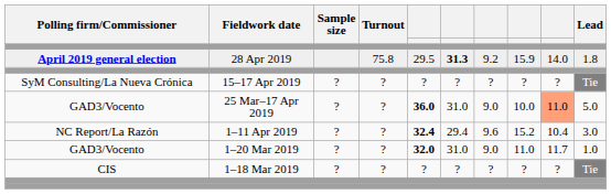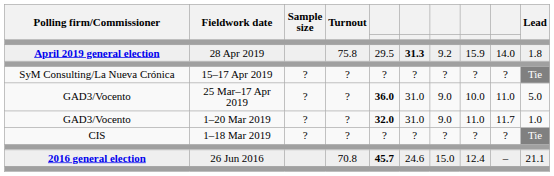 <table class="wikitable collapsible collapsed" style="text-align:center; font-size:95%; line-height:16px;">
 <tr style="height:42px;">
 <th style="width:250px;" rowspan="2">Polling firm/Commissioner</th>
 <th style="width:125px;" rowspan="2">Fieldwork date</th>
 <th style="width:50px;" rowspan="2">Sample size</th>
 <th style="width:45px;" rowspan="2">Turnout</th>
 <th style="width:35px;"></th>
 <th style="width:35px;"></th>
 <th style="width:35px;"></th>
 <th style="width:35px;"></th>
 <th style="width:35px;"></th>
 <th style="width:30px;" rowspan="2">Lead</th>
 </tr>
 <tr>
 <th style="color:inherit;background:"></th>
 <th style="color:inherit;background:"></th>
 <th style="color:inherit;background:"></th>
 <th style="color:inherit;background:"></th>
 <th style="color:inherit;background:"></th>
 </tr>
 <tr>
 <td colspan="10" style="background:#A0A0A0"></td>
 </tr>
 <tr style="background:#EFEFEF;">
 <td><strong><a href='#'>April 2019 general election</a></strong></td>
 <td>28 Apr 2019</td>
 <td></td>
 <td>75.8</td>
 <td>29.5<br></td>
 <td><strong>31.3</strong><br></td>
 <td>9.2<br></td>
 <td>15.9<br></td>
 <td>14.0<br></td>
 <td style="background:">1.8</td>
 </tr>
 <tr>
 <td colspan="10" style="background:#A0A0A0"></td>
 </tr>
 <tr>
 <td>SyM Consulting/La Nueva Crónica</td>
 <td>15–17 Apr 2019</td>
 <td>?</td>
 <td>?</td>
 <td>?<br></td>
 <td>?<br></td>
 <td>?<br></td>
 <td>?<br></td>
 <td>?<br></td>
 <td style="background:gray;color:white;">Tie</td>
 </tr>
 <tr>
 <td>GAD3/Vocento</td>
 <td>25 Mar–17 Apr 2019</td>
 <td>?</td>
 <td>?</td>
 <td><strong>36.0</strong><br></td>
 <td>31.0<br></td>
 <td>9.0<br></td>
 <td>10.0<br></td>
-<td style="background: lightsalmon;">11.0<br></td>
+<td>11.0<br></td>
 <td style="background:">5.0</td>
-</tr>
-<tr>
-<td>NC Report/La Razón</td>
-<td>1–11 Apr 2019</td>
-<td>?</td>
-<td>?</td>
-<td><strong>32.4</strong><br></td>
-<td>29.4<br></td>
-<td>9.6<br></td>
-<td>15.2<br></td>
-<td>10.4<br></td>
-<td style="background:">3.0</td>
 </tr>
 <tr>
 <td>GAD3/Vocento</td>
 <td>1–20 Mar 2019</td>
 <td>?</td>
 <td>?</td>
 <td><strong>32.0</strong><br></td>
 <td>31.0<br></td>
 <td>9.0<br></td>
 <td>11.0<br></td>
 <td>11.7<br></td>
 <td style="background:">1.0</td>
 </tr>
 <tr>
 <td>CIS</td>
 <td>1–18 Mar 2019</td>
 <td>?</td>
 <td>?</td>
 <td>?<br></td>
 <td>?<br></td>
 <td>?<br></td>
 <td>?<br></td>
 <td>?<br></td>
 <td style="background:gray;color:white;">Tie</td>
 </tr>
 <tr>
 <td colspan="10" style="background:#A0A0A0"></td>
 </tr>
+<tr style="background:#EFEFEF;">
+<td><strong><a href='#'>2016 general election</a></strong></td>
+<td>26 Jun 2016</td>
+<td></td>
+<td>70.8</td>
+<td><strong>45.7</strong><br></td>
+<td>24.6<br></td>
+<td>15.0<br></td>
+<td>12.4<br></td>
+<td>–</td>
+<td style="background:">21.1</td>
+</tr>
 <tr>
 <td colspan="10" style="background:#A0A0A0"></td>
 </tr>
 </table>
